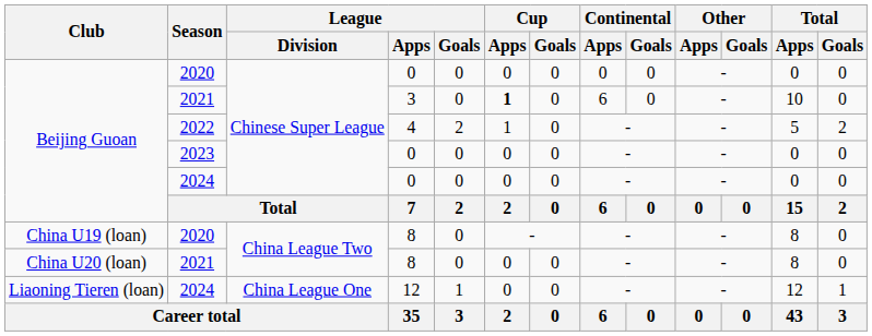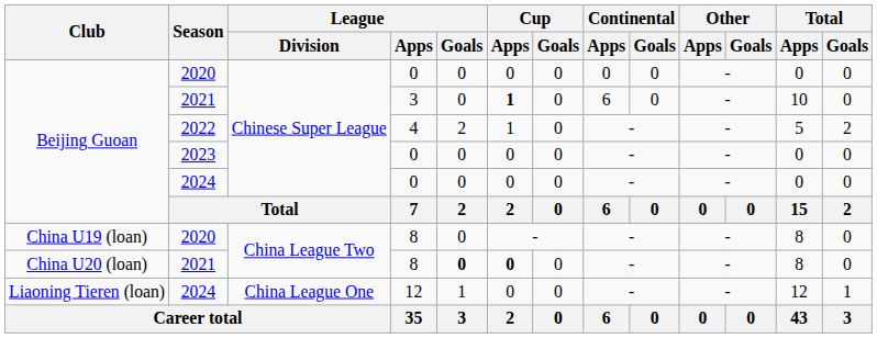 <table class="wikitable" style="text-align: center">
 <tr>
 <th rowspan="2">Club</th>
 <th rowspan="2">Season</th>
 <th colspan="3">League</th>
 <th colspan="2">Cup</th>
 <th colspan="2">Continental</th>
 <th colspan="2">Other</th>
 <th colspan="2">Total</th>
 </tr>
 <tr>
 <th>Division</th>
 <th>Apps</th>
 <th>Goals</th>
 <th>Apps</th>
 <th>Goals</th>
 <th>Apps</th>
 <th>Goals</th>
 <th>Apps</th>
 <th>Goals</th>
 <th>Apps</th>
 <th>Goals</th>
 </tr>
 <tr>
 <td rowspan="6"><a href='#'>Beijing Guoan</a></td>
 <td><a href='#'>2020</a></td>
 <td rowspan="5"><a href='#'>Chinese Super League</a></td>
 <td>0</td>
 <td>0</td>
 <td>0</td>
 <td>0</td>
 <td>0</td>
 <td>0</td>
 <td colspan="2">-</td>
 <td>0</td>
 <td>0</td>
 </tr>
 <tr>
 <td><a href='#'>2021</a></td>
 <td>3</td>
 <td>0</td>
 <td><strong>1</strong></td>
 <td>0</td>
 <td>6</td>
 <td>0</td>
 <td colspan="2">-</td>
 <td>10</td>
 <td>0</td>
 </tr>
 <tr>
 <td><a href='#'>2022</a></td>
 <td>4</td>
 <td>2</td>
 <td>1</td>
 <td>0</td>
 <td colspan="2">-</td>
 <td colspan="2">-</td>
 <td>5</td>
 <td>2</td>
 </tr>
 <tr>
 <td><a href='#'>2023</a></td>
 <td>0</td>
 <td>0</td>
 <td>0</td>
 <td>0</td>
 <td colspan="2">-</td>
 <td colspan="2">-</td>
 <td>0</td>
 <td>0</td>
 </tr>
 <tr>
 <td><a href='#'>2024</a></td>
 <td>0</td>
 <td>0</td>
 <td>0</td>
 <td>0</td>
 <td colspan="2">-</td>
 <td colspan="2">-</td>
 <td>0</td>
 <td>0</td>
 </tr>
 <tr>
 <th colspan=2>Total</th>
 <th>7</th>
 <th>2</th>
 <th>2</th>
 <th>0</th>
 <th>6</th>
 <th>0</th>
 <th>0</th>
 <th>0</th>
 <th>15</th>
 <th>2</th>
 </tr>
 <tr>
 <td><a href='#'>China U19</a> (loan)</td>
 <td><a href='#'>2020</a></td>
 <td rowspan=2><a href='#'>China League Two</a></td>
 <td>8</td>
 <td>0</td>
 <td colspan="2">-</td>
 <td colspan="2">-</td>
 <td colspan="2">-</td>
 <td>8</td>
 <td>0</td>
 </tr>
 <tr>
 <td><a href='#'>China U20</a> (loan)</td>
 <td><a href='#'>2021</a></td>
 <td>8</td>
-<td>0</td>
-<td>0</td>
+<td><strong>0</strong></td>
+<td><strong>0</strong></td>
 <td>0</td>
 <td colspan="2">-</td>
 <td colspan="2">-</td>
 <td>8</td>
 <td>0</td>
 </tr>
 <tr>
 <td><a href='#'>Liaoning Tieren</a> (loan)</td>
 <td><a href='#'>2024</a></td>
 <td><a href='#'>China League One</a></td>
 <td>12</td>
 <td>1</td>
 <td>0</td>
 <td>0</td>
 <td colspan="2">-</td>
 <td colspan="2">-</td>
 <td>12</td>
 <td>1</td>
 </tr>
 <tr>
 <th colspan="3">Career total</th>
 <th>35</th>
 <th>3</th>
 <th>2</th>
 <th>0</th>
 <th>6</th>
 <th>0</th>
 <th>0</th>
 <th>0</th>
 <th>43</th>
 <th>3</th>
 </tr>
 </table>
